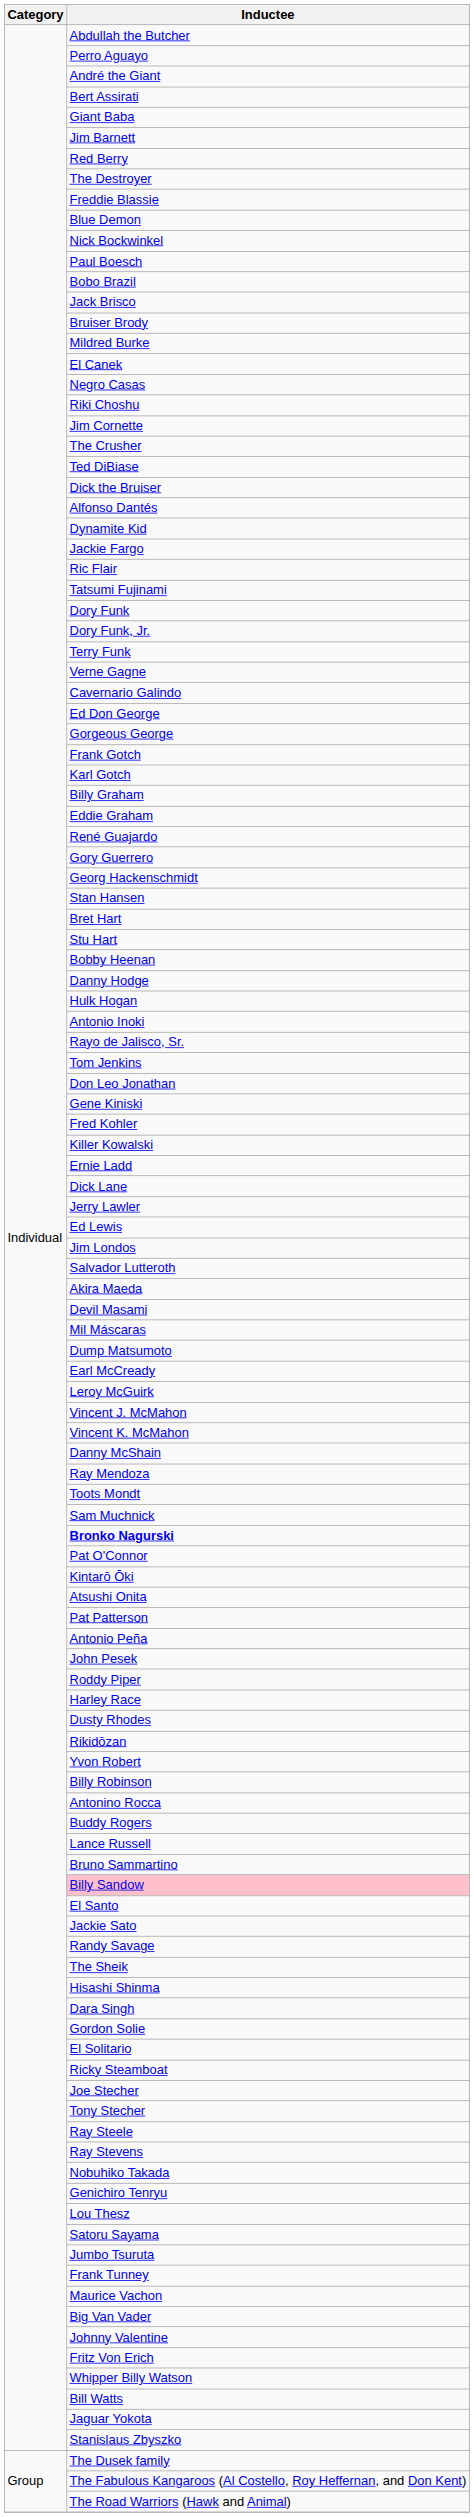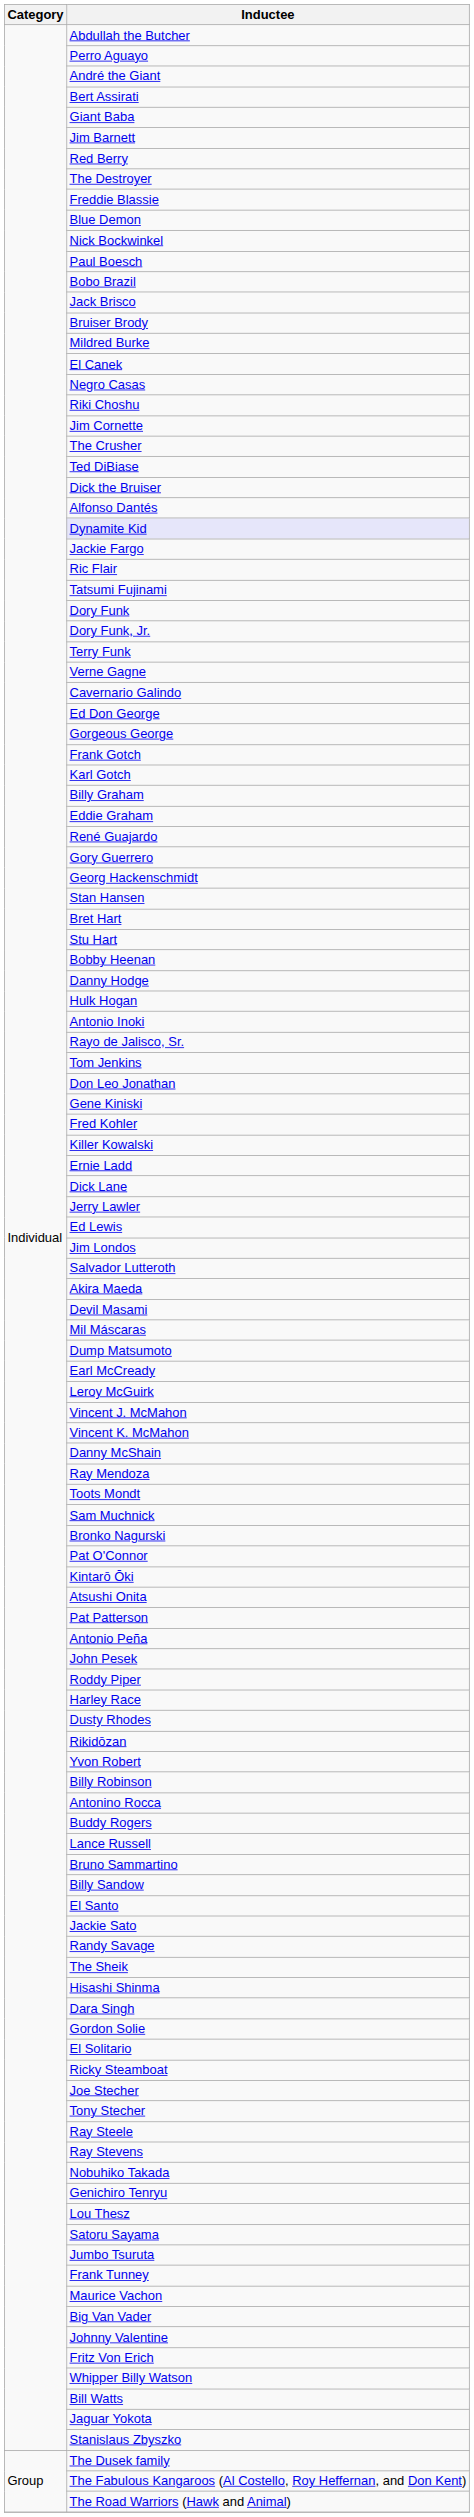 <table class="wikitable collapsible collapsed">
 <tr>
 <th>Category</th>
 <th>Inductee</th>
 </tr>
 <tr>
 <td rowspan=118>Individual</td>
 <td><a href='#'>Abdullah the Butcher</a></td>
 </tr>
 <tr>
 <td><a href='#'>Perro Aguayo</a></td>
 </tr>
 <tr>
 <td><a href='#'>André the Giant</a></td>
 </tr>
 <tr>
 <td><a href='#'>Bert Assirati</a></td>
 </tr>
 <tr>
 <td><a href='#'>Giant Baba</a></td>
 </tr>
 <tr>
 <td><a href='#'>Jim Barnett</a></td>
 </tr>
 <tr>
 <td><a href='#'>Red Berry</a></td>
 </tr>
 <tr>
 <td><a href='#'>The Destroyer</a></td>
 </tr>
 <tr>
 <td><a href='#'>Freddie Blassie</a></td>
 </tr>
 <tr>
 <td><a href='#'>Blue Demon</a></td>
 </tr>
 <tr>
 <td><a href='#'>Nick Bockwinkel</a></td>
 </tr>
 <tr>
 <td><a href='#'>Paul Boesch</a></td>
 </tr>
 <tr>
 <td><a href='#'>Bobo Brazil</a></td>
 </tr>
 <tr>
 <td><a href='#'>Jack Brisco</a></td>
 </tr>
 <tr>
 <td><a href='#'>Bruiser Brody</a></td>
 </tr>
 <tr>
 <td><a href='#'>Mildred Burke</a></td>
 </tr>
 <tr>
 <td><a href='#'>El Canek</a></td>
 </tr>
 <tr>
 <td><a href='#'>Negro Casas</a></td>
 </tr>
 <tr>
 <td><a href='#'>Riki Choshu</a></td>
 </tr>
 <tr>
 <td><a href='#'>Jim Cornette</a></td>
 </tr>
 <tr>
 <td><a href='#'>The Crusher</a></td>
 </tr>
 <tr>
 <td><a href='#'>Ted DiBiase</a></td>
 </tr>
 <tr>
 <td><a href='#'>Dick the Bruiser</a></td>
 </tr>
 <tr>
 <td><a href='#'>Alfonso Dantés</a></td>
 </tr>
 <tr>
-<td><a href='#'>Dynamite Kid</a></td>
+<td style="background: lavender;"><a href='#'>Dynamite Kid</a></td>
 </tr>
 <tr>
 <td><a href='#'>Jackie Fargo</a></td>
 </tr>
 <tr>
 <td><a href='#'>Ric Flair</a></td>
 </tr>
 <tr>
 <td><a href='#'>Tatsumi Fujinami</a></td>
 </tr>
 <tr>
 <td><a href='#'>Dory Funk</a></td>
 </tr>
 <tr>
 <td><a href='#'>Dory Funk, Jr.</a></td>
 </tr>
 <tr>
 <td><a href='#'>Terry Funk</a></td>
 </tr>
 <tr>
 <td><a href='#'>Verne Gagne</a></td>
 </tr>
 <tr>
 <td><a href='#'>Cavernario Galindo</a></td>
 </tr>
 <tr>
 <td><a href='#'>Ed Don George</a></td>
 </tr>
 <tr>
 <td><a href='#'>Gorgeous George</a></td>
 </tr>
 <tr>
 <td><a href='#'>Frank Gotch</a></td>
 </tr>
 <tr>
 <td><a href='#'>Karl Gotch</a></td>
 </tr>
 <tr>
 <td><a href='#'>Billy Graham</a></td>
 </tr>
 <tr>
 <td><a href='#'>Eddie Graham</a></td>
 </tr>
 <tr>
 <td><a href='#'>René Guajardo</a></td>
 </tr>
 <tr>
 <td><a href='#'>Gory Guerrero</a></td>
 </tr>
 <tr>
 <td><a href='#'>Georg Hackenschmidt</a></td>
 </tr>
 <tr>
 <td><a href='#'>Stan Hansen</a></td>
 </tr>
 <tr>
 <td><a href='#'>Bret Hart</a></td>
 </tr>
 <tr>
 <td><a href='#'>Stu Hart</a></td>
 </tr>
 <tr>
 <td><a href='#'>Bobby Heenan</a></td>
 </tr>
 <tr>
 <td><a href='#'>Danny Hodge</a></td>
 </tr>
 <tr>
 <td><a href='#'>Hulk Hogan</a></td>
 </tr>
 <tr>
 <td><a href='#'>Antonio Inoki</a></td>
 </tr>
 <tr>
 <td><a href='#'>Rayo de Jalisco, Sr.</a></td>
 </tr>
 <tr>
 <td><a href='#'>Tom Jenkins</a></td>
 </tr>
 <tr>
 <td><a href='#'>Don Leo Jonathan</a></td>
 </tr>
 <tr>
 <td><a href='#'>Gene Kiniski</a></td>
 </tr>
 <tr>
 <td><a href='#'>Fred Kohler</a></td>
 </tr>
 <tr>
 <td><a href='#'>Killer Kowalski</a></td>
 </tr>
 <tr>
 <td><a href='#'>Ernie Ladd</a></td>
 </tr>
 <tr>
 <td><a href='#'>Dick Lane</a></td>
 </tr>
 <tr>
 <td><a href='#'>Jerry Lawler</a></td>
 </tr>
 <tr>
 <td><a href='#'>Ed Lewis</a></td>
 </tr>
 <tr>
 <td><a href='#'>Jim Londos</a></td>
 </tr>
 <tr>
 <td><a href='#'>Salvador Lutteroth</a></td>
 </tr>
 <tr>
 <td><a href='#'>Akira Maeda</a></td>
 </tr>
 <tr>
 <td><a href='#'>Devil Masami</a></td>
 </tr>
 <tr>
 <td><a href='#'>Mil Máscaras</a></td>
 </tr>
 <tr>
 <td><a href='#'>Dump Matsumoto</a></td>
 </tr>
 <tr>
 <td><a href='#'>Earl McCready</a></td>
 </tr>
 <tr>
 <td><a href='#'>Leroy McGuirk</a></td>
 </tr>
 <tr>
 <td><a href='#'>Vincent J. McMahon</a></td>
 </tr>
 <tr>
 <td><a href='#'>Vincent K. McMahon</a></td>
 </tr>
 <tr>
 <td><a href='#'>Danny McShain</a></td>
 </tr>
 <tr>
 <td><a href='#'>Ray Mendoza</a></td>
 </tr>
 <tr>
 <td><a href='#'>Toots Mondt</a></td>
 </tr>
 <tr>
 <td><a href='#'>Sam Muchnick</a></td>
 </tr>
 <tr>
-<td><strong><a href='#'>Bronko Nagurski</a></strong></td>
+<td><a href='#'>Bronko Nagurski</a></td>
 </tr>
 <tr>
 <td><a href='#'>Pat O'Connor</a></td>
 </tr>
 <tr>
 <td><a href='#'>Kintarō Ōki</a></td>
 </tr>
 <tr>
 <td><a href='#'>Atsushi Onita</a></td>
 </tr>
 <tr>
 <td><a href='#'>Pat Patterson</a></td>
 </tr>
 <tr>
 <td><a href='#'>Antonio Peña</a></td>
 </tr>
 <tr>
 <td><a href='#'>John Pesek</a></td>
 </tr>
 <tr>
 <td><a href='#'>Roddy Piper</a></td>
 </tr>
 <tr>
 <td><a href='#'>Harley Race</a></td>
 </tr>
 <tr>
 <td><a href='#'>Dusty Rhodes</a></td>
 </tr>
 <tr>
 <td><a href='#'>Rikidōzan</a></td>
 </tr>
 <tr>
 <td><a href='#'>Yvon Robert</a></td>
 </tr>
 <tr>
 <td><a href='#'>Billy Robinson</a></td>
 </tr>
 <tr>
 <td><a href='#'>Antonino Rocca</a></td>
 </tr>
 <tr>
 <td><a href='#'>Buddy Rogers</a></td>
 </tr>
 <tr>
 <td><a href='#'>Lance Russell</a></td>
 </tr>
 <tr>
 <td><a href='#'>Bruno Sammartino</a></td>
 </tr>
 <tr>
-<td style="background: pink;"><a href='#'>Billy Sandow</a></td>
+<td><a href='#'>Billy Sandow</a></td>
 </tr>
 <tr>
 <td><a href='#'>El Santo</a></td>
 </tr>
 <tr>
 <td><a href='#'>Jackie Sato</a></td>
 </tr>
 <tr>
 <td><a href='#'>Randy Savage</a></td>
 </tr>
 <tr>
 <td><a href='#'>The Sheik</a></td>
 </tr>
 <tr>
 <td><a href='#'>Hisashi Shinma</a></td>
 </tr>
 <tr>
 <td><a href='#'>Dara Singh</a></td>
 </tr>
 <tr>
 <td><a href='#'>Gordon Solie</a></td>
 </tr>
 <tr>
 <td><a href='#'>El Solitario</a></td>
 </tr>
 <tr>
 <td><a href='#'>Ricky Steamboat</a></td>
 </tr>
 <tr>
 <td><a href='#'>Joe Stecher</a></td>
 </tr>
 <tr>
 <td><a href='#'>Tony Stecher</a></td>
 </tr>
 <tr>
 <td><a href='#'>Ray Steele</a></td>
 </tr>
 <tr>
 <td><a href='#'>Ray Stevens</a></td>
 </tr>
 <tr>
 <td><a href='#'>Nobuhiko Takada</a></td>
 </tr>
 <tr>
 <td><a href='#'>Genichiro Tenryu</a></td>
 </tr>
 <tr>
 <td><a href='#'>Lou Thesz</a></td>
 </tr>
 <tr>
 <td><a href='#'>Satoru Sayama</a></td>
 </tr>
 <tr>
 <td><a href='#'>Jumbo Tsuruta</a></td>
 </tr>
 <tr>
 <td><a href='#'>Frank Tunney</a></td>
 </tr>
 <tr>
 <td><a href='#'>Maurice Vachon</a></td>
 </tr>
 <tr>
 <td><a href='#'>Big Van Vader</a></td>
 </tr>
 <tr>
 <td><a href='#'>Johnny Valentine</a></td>
 </tr>
 <tr>
 <td><a href='#'>Fritz Von Erich</a></td>
 </tr>
 <tr>
 <td><a href='#'>Whipper Billy Watson</a></td>
 </tr>
 <tr>
 <td><a href='#'>Bill Watts</a></td>
 </tr>
 <tr>
 <td><a href='#'>Jaguar Yokota</a></td>
 </tr>
 <tr>
 <td><a href='#'>Stanislaus Zbyszko</a></td>
 </tr>
 <tr>
 <td rowspan=3>Group</td>
 <td><a href='#'>The Dusek family</a></td>
 </tr>
 <tr>
 <td><a href='#'>The Fabulous Kangaroos</a> (<a href='#'>Al Costello</a>, <a href='#'>Roy Heffernan</a>, and <a href='#'>Don Kent</a>)</td>
 </tr>
 <tr>
 <td><a href='#'>The Road Warriors</a> (<a href='#'>Hawk</a> and <a href='#'>Animal</a>)</td>
 </tr>
 <tr>
 </tr>
 </table>
